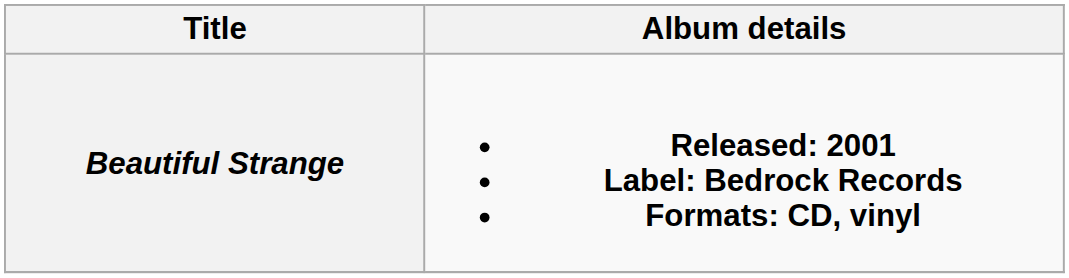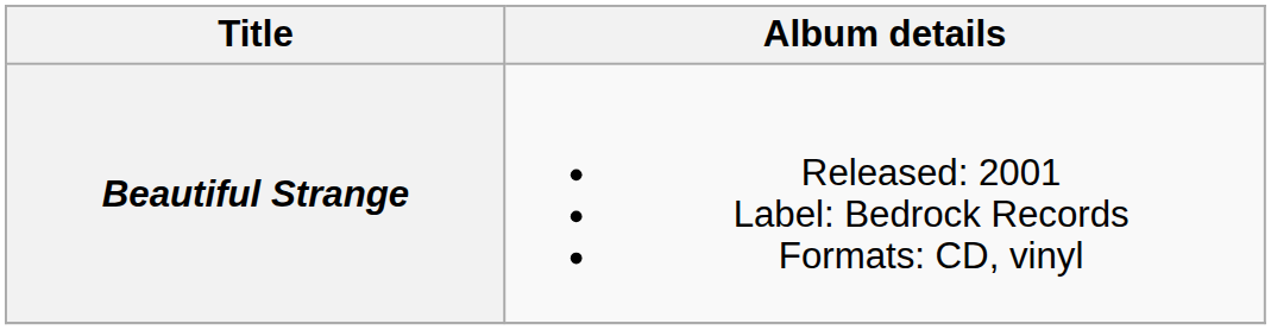 <table class="wikitable plainrowheaders" style="text-align:center;">
 <tr>
 <th scope="col" rowspan="1" style="width:13em;">Title</th>
 <th scope="col" rowspan="1" style="width:20em;">Album details</th>
 </tr>
 <tr>
 <th scope="row"><em>Beautiful Strange</em></th>
-<td><strong><br><ul><li>Released: 2001</li><li>Label: Bedrock Records</li><li>Formats: CD, vinyl</li></ul></strong></td>
+<td><br><ul><li>Released: 2001</li><li>Label: Bedrock Records</li><li>Formats: CD, vinyl</li></ul></td>
 </tr>
 <tr>
 </tr>
 </table>
